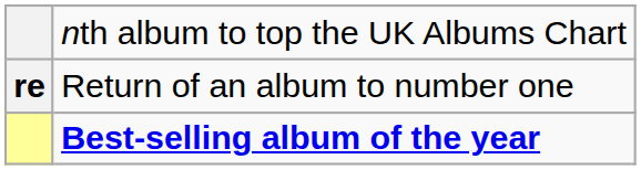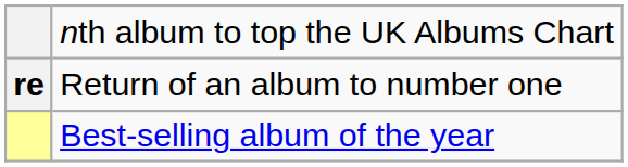 <table class="wikitable plainrowheaders" style="font-size:90%;">
 <tr>
 <th scope=col></th>
 <td><em>n</em>th album to top the UK Albums Chart</td>
 </tr>
 <tr>
 <th scope=row style="text-align:center;">re</th>
 <td>Return of an album to number one</td>
 </tr>
 <tr>
 <td style="background:#ff9; text-align:center;"></td>
-<td><strong><a href='#'>Best-selling album of the year</a><br></strong></td>
+<td><a href='#'>Best-selling album of the year</a><br></td>
 </tr>
 </table>
